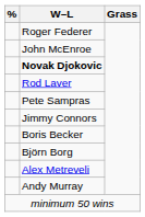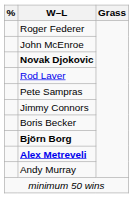 <table class="wikitable" style="display:inline-table; font-size: 95%;">
 <tr>
 <th>%</th>
 <th>W–L</th>
 <th>Grass</th>
 </tr>
 <tr>
 <td></td>
 <td> Roger Federer</td>
 </tr>
 <tr>
 <td></td>
 <td> John McEnroe</td>
 </tr>
 <tr>
 <td></td>
 <td> <strong>Novak Djokovic</strong></td>
 </tr>
 <tr>
 <td></td>
 <td> <a href='#'>Rod Laver</a></td>
 </tr>
 <tr>
 <td></td>
 <td> Pete Sampras</td>
 </tr>
 <tr>
 <td></td>
 <td> Jimmy Connors</td>
 </tr>
 <tr>
 <td></td>
 <td> Boris Becker</td>
 </tr>
 <tr>
 <td></td>
-<td> Björn Borg</td>
+<td><strong> Björn Borg</strong></td>
 </tr>
 <tr>
 <td></td>
-<td> <a href='#'>Alex Metreveli</a></td>
+<td><strong> <a href='#'>Alex Metreveli</a></strong></td>
 </tr>
 <tr>
 <td></td>
 <td> Andy Murray</td>
 </tr>
 <tr>
 <td colspan="3" style="text-align: center;"><em>minimum 50 wins</em></td>
 </tr>
 </table>
